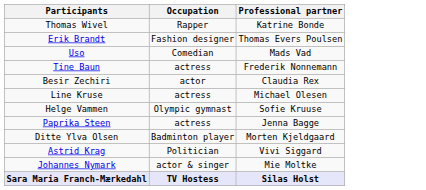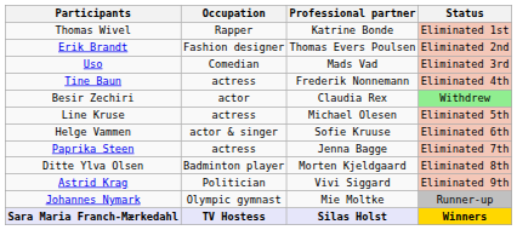 <table class="wikitable sortable" align=center border="2" cellpadding="4" cellspacing="0" style="text-align:center; margin: 1em 1em 1em 0; font-size:95%">
 <tr>
 <th>Participants</th>
 <th>Occupation</th>
 <th>Professional partner</th>
+<th>Status</th>
 </tr>
 <tr>
 <td>Thomas Wivel</td>
 <td>Rapper</td>
 <td>Katrine Bonde</td>
+<td style="background:#f4c7b8;">Eliminated 1st</td>
 </tr>
 <tr>
 <td><a href='#'>Erik Brandt</a></td>
 <td>Fashion designer</td>
 <td>Thomas Evers Poulsen</td>
+<td style="background:#f4c7b8;">Eliminated 2nd</td>
 </tr>
 <tr>
 <td><a href='#'>Uso</a></td>
 <td>Comedian</td>
 <td>Mads Vad</td>
+<td style="background:#f4c7b8;">Eliminated 3rd</td>
 </tr>
 <tr>
 <td><a href='#'>Tine Baun</a></td>
 <td>actress</td>
 <td>Frederik Nonnemann</td>
+<td style="background:#f4c7b8;">Eliminated 4th</td>
 </tr>
 <tr>
 <td>Besir Zechiri</td>
 <td>actor</td>
 <td>Claudia Rex</td>
+<td style="background:lightgreen;">Withdrew</td>
 </tr>
 <tr>
 <td>Line Kruse</td>
 <td>actress</td>
 <td>Michael Olesen</td>
+<td style="background:#f4c7b8;">Eliminated 5th</td>
 </tr>
 <tr>
 <td>Helge Vammen</td>
-<td>Olympic gymnast</td>
+<td>actor & singer</td>
 <td>Sofie Kruuse</td>
+<td style="background:#f4c7b8;">Eliminated 6th</td>
 </tr>
 <tr>
 <td><a href='#'>Paprika Steen</a></td>
 <td>actress</td>
 <td>Jenna Bagge</td>
+<td style="background:#f4c7b8;">Eliminated 7th</td>
 </tr>
 <tr>
 <td>Ditte Ylva Olsen</td>
 <td>Badminton player</td>
 <td>Morten Kjeldgaard</td>
+<td style="background:#f4c7b8;">Eliminated 8th</td>
 </tr>
 <tr>
 <td><a href='#'>Astrid Krag</a></td>
 <td>Politician</td>
 <td>Vivi Siggard</td>
+<td style="background:#f4c7b8;">Eliminated 9th</td>
 </tr>
 <tr>
 <td><a href='#'>Johannes Nymark</a></td>
-<td>actor & singer</td>
+<td>Olympic gymnast</td>
 <td>Mie Moltke</td>
+<td bgcolor="silver">Runner-up</td>
 </tr>
 <tr>
 <td bgcolor="lavender"><strong>Sara Maria Franch-Mærkedahl</strong></td>
 <td bgcolor="lavender"><strong>TV Hostess</strong></td>
 <td bgcolor="lavender"><strong>Silas Holst</strong></td>
+<td bgcolor="gold"><strong>Winners</strong></td>
 </tr>
 </table>
